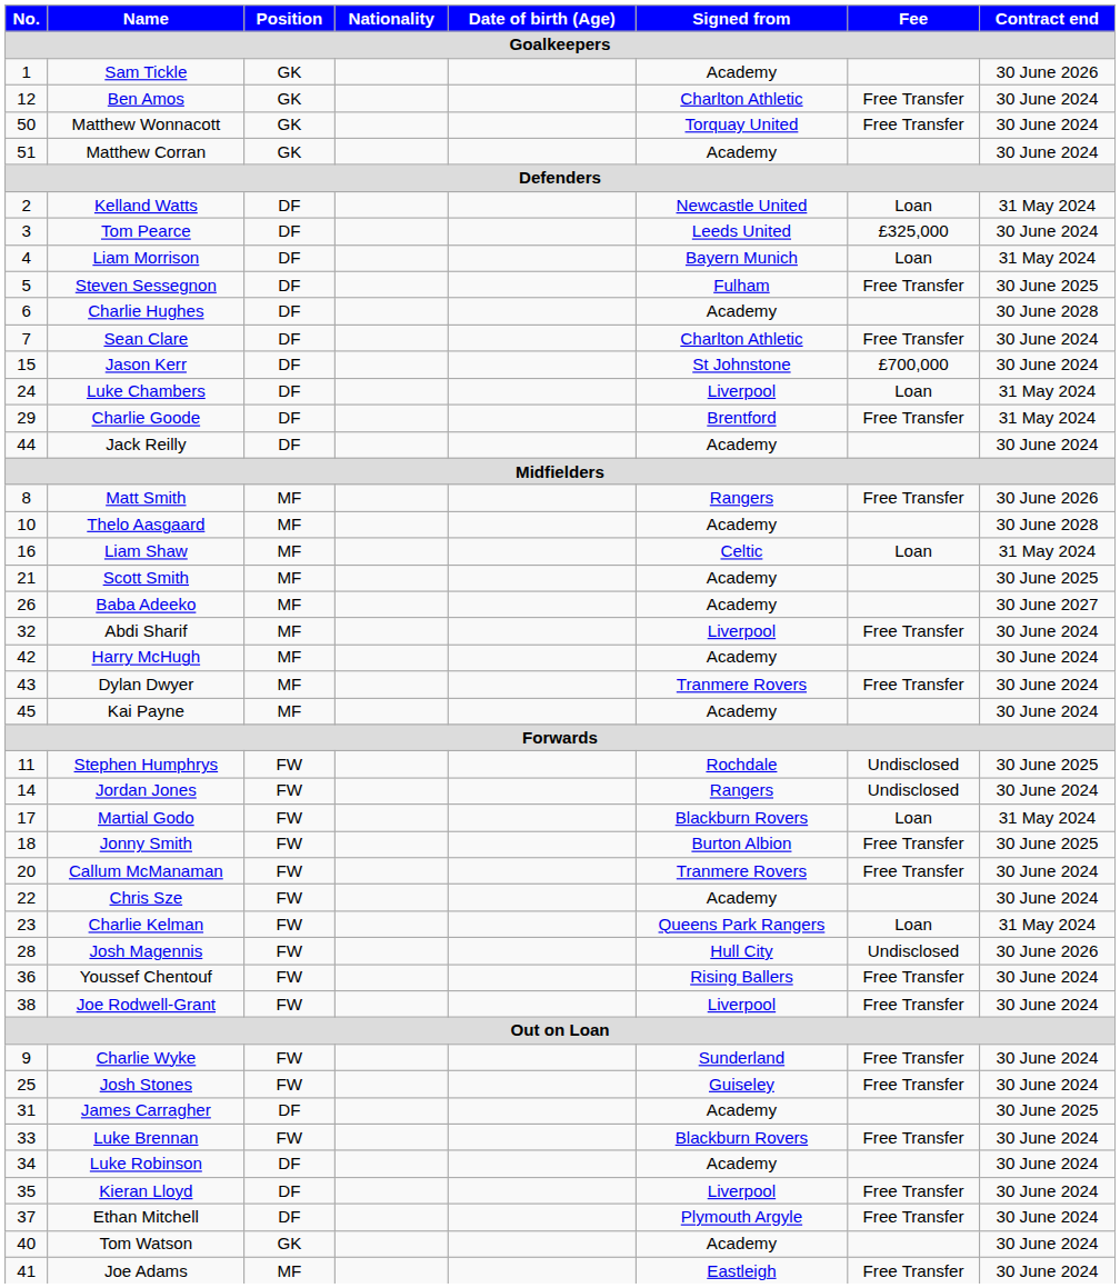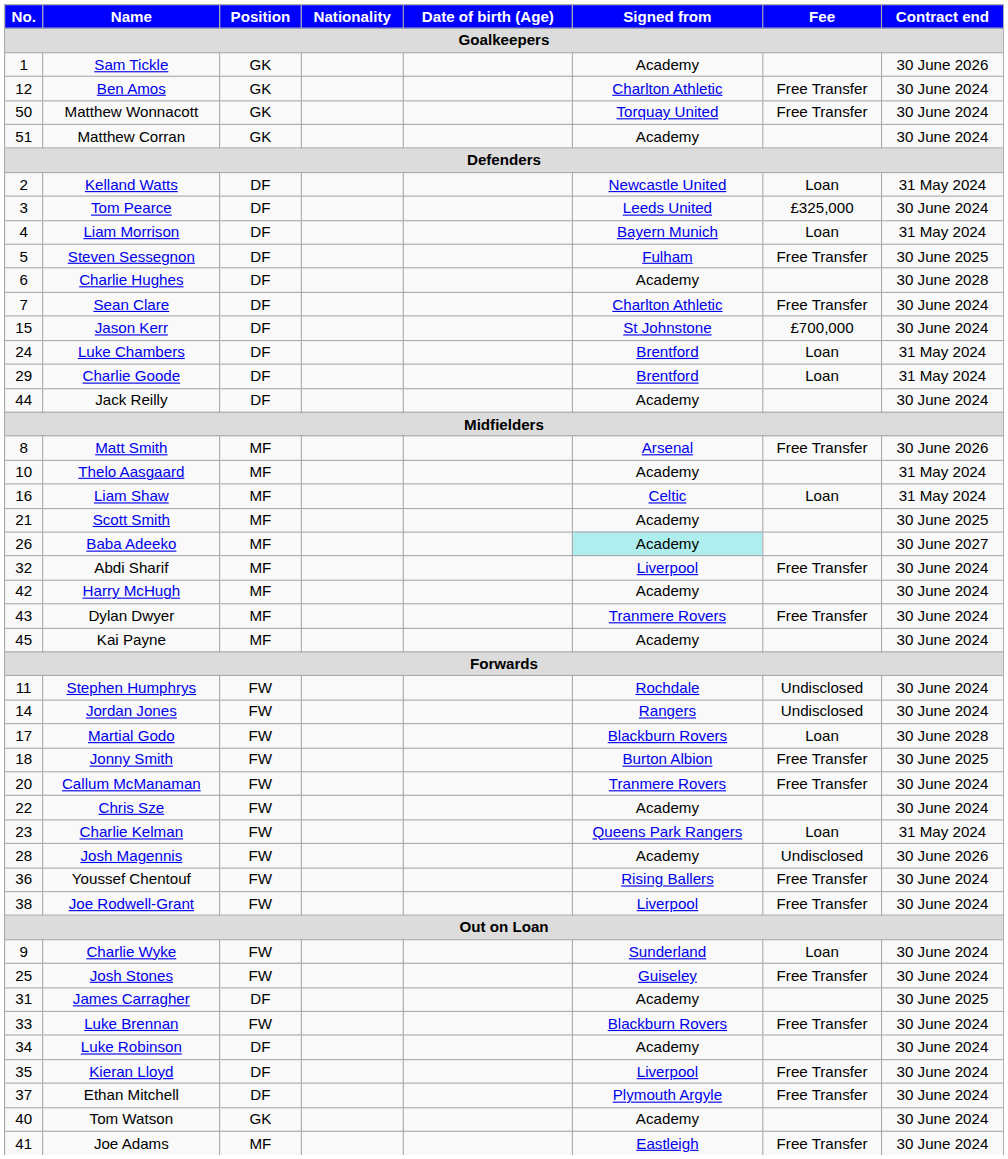 <table class="wikitable" style="text-align:center; font-size:84.5%; width:101%;">
 <tr>
 <th style="color:white; background:#00f; text-align:center;">No.</th>
 <th style="color:white; background:#00f; text-align:center;">Name</th>
 <th style="color:white; background:#00f; text-align:center;">Position</th>
 <th style="color:white; background:#00f; text-align:center;">Nationality</th>
 <th style="color:white; background:#00f; text-align:center;">Date of birth (Age)</th>
 <th style="color:white; background:#00f; text-align:center;">Signed from</th>
 <th style="color:white; background:#00f; text-align:center;">Fee</th>
 <th style="color:white; background:#00f; text-align:center;">Contract end</th>
 </tr>
 <tr>
 <th colspan="14" style="background:#dcdcdc; tepxt-align:center;">Goalkeepers</th>
 </tr>
 <tr>
 <td>1</td>
 <td><a href='#'>Sam Tickle</a></td>
 <td>GK</td>
 <td></td>
 <td></td>
 <td>Academy</td>
 <td></td>
 <td>30 June 2026</td>
 </tr>
 <tr>
 <td>12</td>
 <td><a href='#'>Ben Amos</a></td>
 <td>GK</td>
 <td></td>
 <td></td>
 <td><a href='#'>Charlton Athletic</a></td>
 <td>Free Transfer</td>
 <td>30 June 2024</td>
 </tr>
 <tr>
 <td>50</td>
 <td>Matthew Wonnacott</td>
 <td>GK</td>
 <td></td>
 <td></td>
 <td><a href='#'>Torquay United</a></td>
 <td>Free Transfer</td>
 <td>30 June 2024</td>
 </tr>
 <tr>
 <td>51</td>
 <td>Matthew Corran</td>
 <td>GK</td>
 <td></td>
 <td></td>
 <td>Academy</td>
 <td></td>
 <td>30 June 2024</td>
 </tr>
 <tr>
 <th colspan="14" style="background:#dcdcdc; tepxt-align:center;">Defenders</th>
 </tr>
 <tr>
 <td>2</td>
 <td><a href='#'>Kelland Watts</a></td>
 <td>DF</td>
 <td></td>
 <td></td>
 <td><a href='#'>Newcastle United</a></td>
 <td>Loan</td>
 <td>31 May 2024</td>
 </tr>
 <tr>
 <td>3</td>
 <td><a href='#'>Tom Pearce</a></td>
 <td>DF</td>
 <td></td>
 <td></td>
 <td><a href='#'>Leeds United</a></td>
 <td>£325,000</td>
 <td>30 June 2024</td>
 </tr>
 <tr>
 <td>4</td>
 <td><a href='#'>Liam Morrison</a></td>
 <td>DF</td>
 <td></td>
 <td></td>
 <td><a href='#'>Bayern Munich</a></td>
 <td>Loan</td>
 <td>31 May 2024</td>
 </tr>
 <tr>
 <td>5</td>
 <td><a href='#'>Steven Sessegnon</a></td>
 <td>DF</td>
 <td></td>
 <td></td>
 <td><a href='#'>Fulham</a></td>
 <td>Free Transfer</td>
 <td>30 June 2025</td>
 </tr>
 <tr>
 <td>6</td>
 <td><a href='#'>Charlie Hughes</a></td>
 <td>DF</td>
 <td></td>
 <td></td>
 <td>Academy</td>
 <td></td>
 <td>30 June 2028</td>
 </tr>
 <tr>
 <td>7</td>
 <td><a href='#'>Sean Clare</a></td>
 <td>DF</td>
 <td></td>
 <td></td>
 <td><a href='#'>Charlton Athletic</a></td>
 <td>Free Transfer</td>
 <td>30 June 2024</td>
 </tr>
 <tr>
 <td>15</td>
 <td><a href='#'>Jason Kerr</a></td>
 <td>DF</td>
 <td></td>
 <td></td>
 <td><a href='#'>St Johnstone</a></td>
 <td>£700,000</td>
 <td>30 June 2024</td>
 </tr>
 <tr>
 <td>24</td>
 <td><a href='#'>Luke Chambers</a></td>
 <td>DF</td>
 <td></td>
 <td></td>
-<td><a href='#'>Liverpool</a></td>
+<td><a href='#'>Brentford</a></td>
 <td>Loan</td>
 <td>31 May 2024</td>
 </tr>
 <tr>
 <td>29</td>
 <td><a href='#'>Charlie Goode</a></td>
 <td>DF</td>
 <td></td>
 <td></td>
 <td><a href='#'>Brentford</a></td>
-<td>Free Transfer</td>
+<td>Loan</td>
 <td>31 May 2024</td>
 </tr>
 <tr>
 <td>44</td>
 <td>Jack Reilly</td>
 <td>DF</td>
 <td></td>
 <td></td>
 <td>Academy</td>
 <td></td>
 <td>30 June 2024</td>
 </tr>
 <tr>
 <th colspan="14" style="background:#dcdcdc; tepxt-align:center;">Midfielders</th>
 </tr>
 <tr>
 <td>8</td>
 <td><a href='#'>Matt Smith</a></td>
 <td>MF</td>
 <td></td>
 <td></td>
-<td><a href='#'>Rangers</a></td>
+<td><a href='#'>Arsenal</a></td>
 <td>Free Transfer</td>
 <td>30 June 2026</td>
 </tr>
 <tr>
 <td>10</td>
 <td><a href='#'>Thelo Aasgaard</a></td>
 <td>MF</td>
 <td></td>
 <td></td>
 <td>Academy</td>
 <td></td>
-<td>30 June 2028</td>
+<td>31 May 2024</td>
 </tr>
 <tr>
 <td>16</td>
 <td><a href='#'>Liam Shaw</a></td>
 <td>MF</td>
 <td></td>
 <td></td>
 <td><a href='#'>Celtic</a></td>
 <td>Loan</td>
 <td>31 May 2024</td>
 </tr>
 <tr>
 <td>21</td>
 <td><a href='#'>Scott Smith</a></td>
 <td>MF</td>
 <td></td>
 <td></td>
 <td>Academy</td>
 <td></td>
 <td>30 June 2025</td>
 </tr>
 <tr>
 <td>26</td>
 <td><a href='#'>Baba Adeeko</a></td>
 <td>MF</td>
 <td></td>
 <td></td>
-<td>Academy</td>
+<td style="background: paleturquoise;">Academy</td>
 <td></td>
 <td>30 June 2027</td>
 </tr>
 <tr>
 <td>32</td>
 <td>Abdi Sharif</td>
 <td>MF</td>
 <td></td>
 <td></td>
 <td><a href='#'>Liverpool</a></td>
 <td>Free Transfer</td>
 <td>30 June 2024</td>
 </tr>
 <tr>
 <td>42</td>
 <td><a href='#'>Harry McHugh</a></td>
 <td>MF</td>
 <td></td>
 <td></td>
 <td>Academy</td>
 <td></td>
 <td>30 June 2024</td>
 </tr>
 <tr>
 <td>43</td>
 <td>Dylan Dwyer</td>
 <td>MF</td>
 <td></td>
 <td></td>
 <td><a href='#'>Tranmere Rovers</a></td>
 <td>Free Transfer</td>
 <td>30 June 2024</td>
 </tr>
 <tr>
 <td>45</td>
 <td>Kai Payne</td>
 <td>MF</td>
 <td></td>
 <td></td>
 <td>Academy</td>
 <td></td>
 <td>30 June 2024</td>
 </tr>
 <tr>
 <th colspan="14" style="background:#dcdcdc; tepxt-align:center;">Forwards</th>
 </tr>
 <tr>
 <td>11</td>
 <td><a href='#'>Stephen Humphrys</a></td>
 <td>FW</td>
 <td></td>
 <td></td>
 <td><a href='#'>Rochdale</a></td>
 <td>Undisclosed</td>
-<td>30 June 2025</td>
+<td>30 June 2024</td>
 </tr>
 <tr>
 <td>14</td>
 <td><a href='#'>Jordan Jones</a></td>
 <td>FW</td>
 <td></td>
 <td></td>
 <td><a href='#'>Rangers</a></td>
 <td>Undisclosed</td>
 <td>30 June 2024</td>
 </tr>
 <tr>
 <td>17</td>
 <td><a href='#'>Martial Godo</a></td>
 <td>FW</td>
 <td></td>
 <td></td>
 <td><a href='#'>Blackburn Rovers</a></td>
 <td>Loan</td>
-<td>31 May 2024</td>
+<td>30 June 2028</td>
 </tr>
 <tr>
 <td>18</td>
 <td><a href='#'>Jonny Smith</a></td>
 <td>FW</td>
 <td></td>
 <td></td>
 <td><a href='#'>Burton Albion</a></td>
 <td>Free Transfer</td>
 <td>30 June 2025</td>
 </tr>
 <tr>
 <td>20</td>
 <td><a href='#'>Callum McManaman</a></td>
 <td>FW</td>
 <td></td>
 <td></td>
 <td><a href='#'>Tranmere Rovers</a></td>
 <td>Free Transfer</td>
 <td>30 June 2024</td>
 </tr>
 <tr>
 <td>22</td>
 <td><a href='#'>Chris Sze</a></td>
 <td>FW</td>
 <td></td>
 <td></td>
 <td>Academy</td>
 <td></td>
 <td>30 June 2024</td>
 </tr>
 <tr>
 <td>23</td>
 <td><a href='#'>Charlie Kelman</a></td>
 <td>FW</td>
 <td></td>
 <td></td>
 <td><a href='#'>Queens Park Rangers</a></td>
 <td>Loan</td>
 <td>31 May 2024</td>
 </tr>
 <tr>
 <td>28</td>
 <td><a href='#'>Josh Magennis</a></td>
 <td>FW</td>
 <td></td>
 <td></td>
-<td><a href='#'>Hull City</a></td>
+<td>Academy</td>
 <td>Undisclosed</td>
 <td>30 June 2026</td>
 </tr>
 <tr>
 <td>36</td>
 <td>Youssef Chentouf</td>
 <td>FW</td>
 <td></td>
 <td></td>
 <td><a href='#'>Rising Ballers</a></td>
 <td>Free Transfer</td>
 <td>30 June 2024</td>
 </tr>
 <tr>
 <td>38</td>
 <td><a href='#'>Joe Rodwell-Grant</a></td>
 <td>FW</td>
 <td></td>
 <td></td>
 <td><a href='#'>Liverpool</a></td>
 <td>Free Transfer</td>
 <td>30 June 2024</td>
 </tr>
 <tr>
 <th colspan="14" style="background:#dcdcdc; tepxt-align:center;">Out on Loan</th>
 </tr>
 <tr>
 <td>9</td>
 <td><a href='#'>Charlie Wyke</a></td>
 <td>FW</td>
 <td></td>
 <td></td>
 <td><a href='#'>Sunderland</a></td>
-<td>Free Transfer</td>
+<td>Loan</td>
 <td>30 June 2024</td>
 </tr>
 <tr>
 <td>25</td>
 <td><a href='#'>Josh Stones</a></td>
 <td>FW</td>
 <td></td>
 <td></td>
 <td><a href='#'>Guiseley</a></td>
 <td>Free Transfer</td>
 <td>30 June 2024</td>
 </tr>
 <tr>
 <td>31</td>
 <td><a href='#'>James Carragher</a></td>
 <td>DF</td>
 <td></td>
 <td></td>
 <td>Academy</td>
 <td></td>
 <td>30 June 2025</td>
 </tr>
 <tr>
 <td>33</td>
 <td><a href='#'>Luke Brennan</a></td>
 <td>FW</td>
 <td></td>
 <td></td>
 <td><a href='#'>Blackburn Rovers</a></td>
 <td>Free Transfer</td>
 <td>30 June 2024</td>
 </tr>
 <tr>
 <td>34</td>
 <td><a href='#'>Luke Robinson</a></td>
 <td>DF</td>
 <td></td>
 <td></td>
 <td>Academy</td>
 <td></td>
 <td>30 June 2024</td>
 </tr>
 <tr>
 <td>35</td>
 <td><a href='#'>Kieran Lloyd</a></td>
 <td>DF</td>
 <td></td>
 <td></td>
 <td><a href='#'>Liverpool</a></td>
 <td>Free Transfer</td>
 <td>30 June 2024</td>
 </tr>
 <tr>
 <td>37</td>
 <td>Ethan Mitchell</td>
 <td>DF</td>
 <td></td>
 <td></td>
 <td><a href='#'>Plymouth Argyle</a></td>
 <td>Free Transfer</td>
 <td>30 June 2024</td>
 </tr>
 <tr>
 <td>40</td>
 <td>Tom Watson</td>
 <td>GK</td>
 <td></td>
 <td></td>
 <td>Academy</td>
 <td></td>
 <td>30 June 2024</td>
 </tr>
 <tr>
 <td>41</td>
 <td>Joe Adams</td>
 <td>MF</td>
 <td></td>
 <td></td>
 <td><a href='#'>Eastleigh</a></td>
 <td>Free Transfer</td>
 <td>30 June 2024</td>
 </tr>
 </table>
